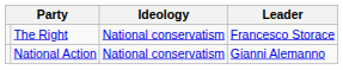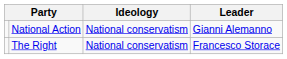 <table class=wikitable style=text-align:left>
 <tr>
 <th colspan=2>Party</th>
 <th>Ideology</th>
 <th>Leader</th>
 </tr>
 <tr>
 <td></td>
+<td><a href='#'>National Action</a></td>
+<td><a href='#'>National conservatism</a></td>
+<td><a href='#'>Gianni Alemanno</a></td>
+</tr>
+<tr>
+<td></td>
 <td><a href='#'>The Right</a></td>
 <td><a href='#'>National conservatism</a></td>
 <td><a href='#'>Francesco Storace</a></td>
 </tr>
-<tr>
-<td></td>
-<td><a href='#'>National Action</a></td>
-<td><a href='#'>National conservatism</a></td>
-<td><a href='#'>Gianni Alemanno</a></td>
-</tr>
 </table>
